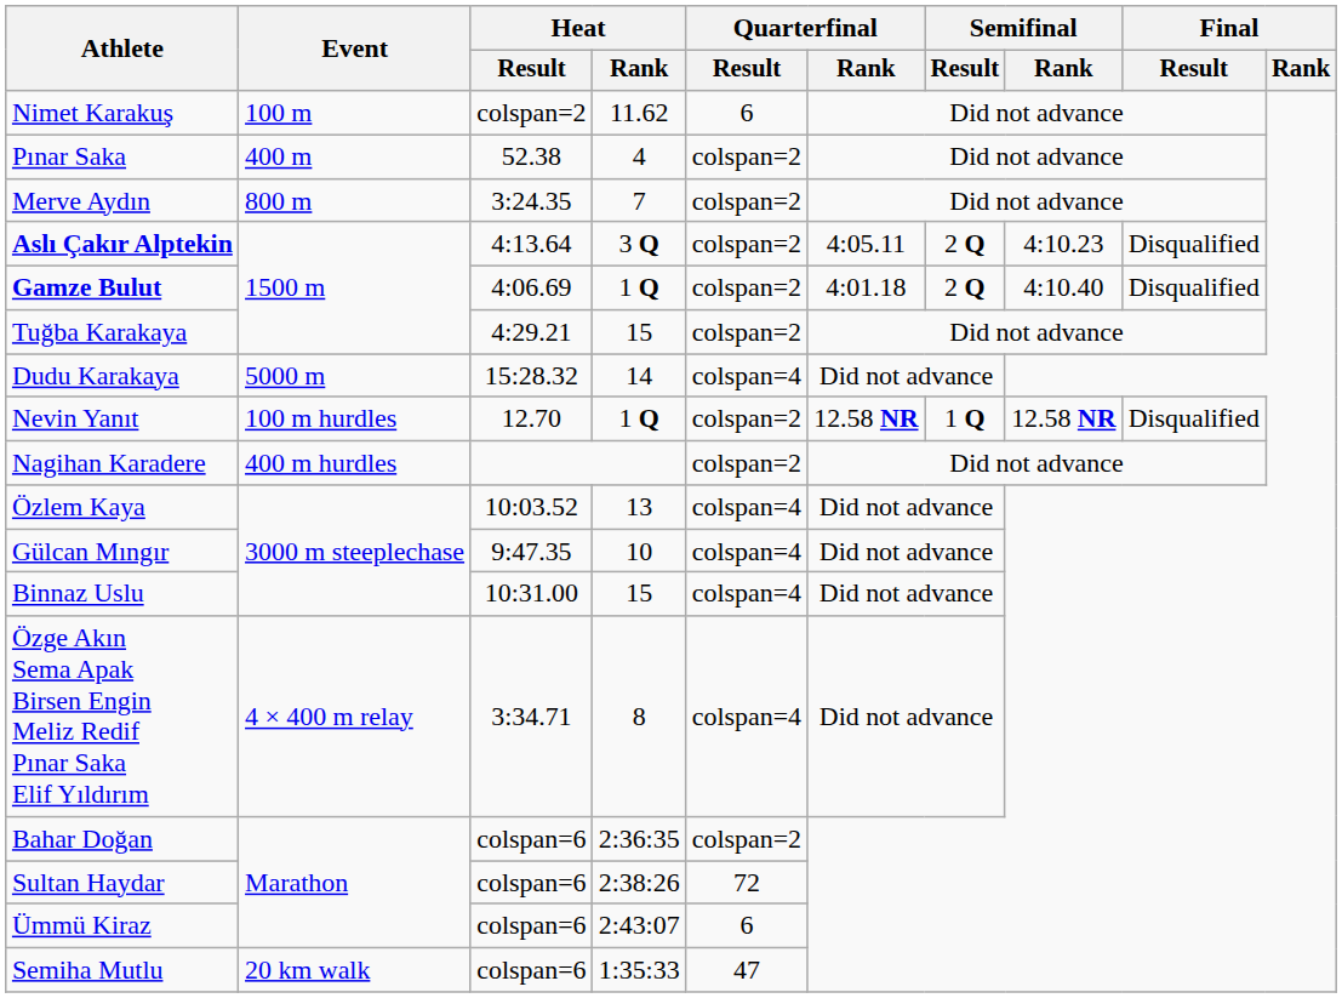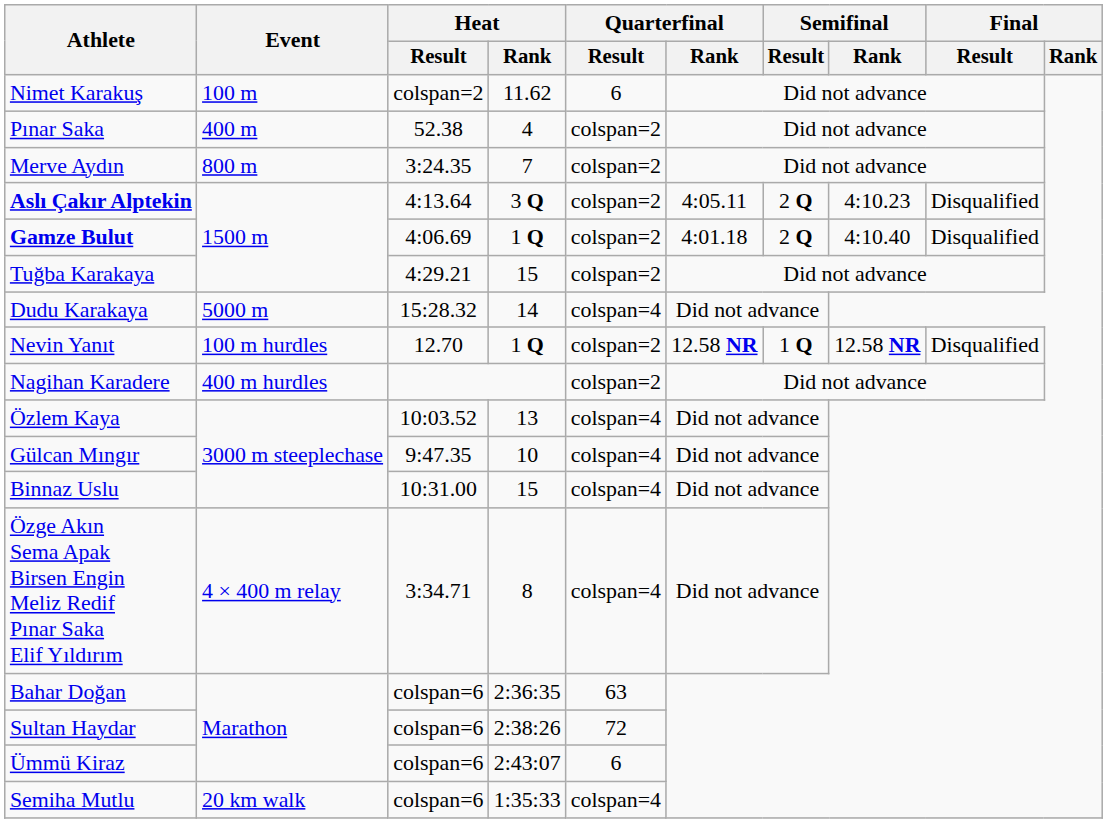 <table class="wikitable" style="font-size:90%">
 <tr>
 <th rowspan="2">Athlete</th>
 <th rowspan="2">Event</th>
 <th colspan="2">Heat</th>
 <th colspan="2">Quarterfinal</th>
 <th colspan="2">Semifinal</th>
 <th colspan="2">Final</th>
 </tr>
 <tr style="font-size:95%">
 <th>Result</th>
 <th>Rank</th>
 <th>Result</th>
 <th>Rank</th>
 <th>Result</th>
 <th>Rank</th>
 <th>Result</th>
 <th>Rank</th>
 </tr>
 <tr align=center>
 <td align=left><a href='#'>Nimet Karakuş</a></td>
 <td align=left><a href='#'>100 m</a></td>
 <td>colspan=2 </td>
 <td>11.62</td>
 <td>6</td>
 <td colspan=4>Did not advance</td>
 </tr>
 <tr align=center>
 <td align=left><a href='#'>Pınar Saka</a></td>
 <td align=left><a href='#'>400 m</a></td>
 <td>52.38</td>
 <td>4</td>
 <td>colspan=2 </td>
 <td colspan=4>Did not advance</td>
 </tr>
 <tr align=center>
 <td align=left><a href='#'>Merve Aydın</a></td>
 <td align=left><a href='#'>800 m</a></td>
 <td>3:24.35</td>
 <td>7</td>
 <td>colspan=2 </td>
 <td colspan=4>Did not advance</td>
 </tr>
 <tr align=center>
 <td align=left><strong><a href='#'>Aslı Çakır Alptekin</a></strong></td>
 <td align=left rowspan=3><a href='#'>1500 m</a></td>
 <td>4:13.64</td>
 <td>3 <strong>Q</strong></td>
 <td>colspan=2 </td>
 <td>4:05.11</td>
 <td>2 <strong>Q</strong></td>
 <td>4:10.23</td>
 <td>Disqualified</td>
 </tr>
 <tr align=center>
 <td align=left><strong><a href='#'>Gamze Bulut</a></strong></td>
 <td>4:06.69</td>
 <td>1 <strong>Q</strong></td>
 <td>colspan=2 </td>
 <td>4:01.18</td>
 <td>2 <strong>Q</strong></td>
 <td>4:10.40</td>
 <td>Disqualified</td>
 </tr>
 <tr align=center>
 <td align=left><a href='#'>Tuğba Karakaya</a></td>
 <td>4:29.21</td>
 <td>15</td>
 <td>colspan=2 </td>
 <td colspan=4>Did not advance</td>
 </tr>
 <tr align=center>
 <td align=left><a href='#'>Dudu Karakaya</a></td>
 <td align=left><a href='#'>5000 m</a></td>
 <td>15:28.32</td>
 <td>14</td>
 <td>colspan=4 </td>
 <td colspan=2>Did not advance</td>
 </tr>
 <tr align=center>
 <td align=left><a href='#'>Nevin Yanıt</a></td>
 <td align=left><a href='#'>100 m hurdles</a></td>
 <td>12.70</td>
 <td>1 <strong>Q</strong></td>
 <td>colspan=2 </td>
 <td>12.58 <strong><a href='#'>NR</a></strong></td>
 <td>1 <strong>Q</strong></td>
 <td>12.58 <strong><a href='#'>NR</a></strong></td>
 <td>Disqualified</td>
 </tr>
 <tr align=center>
 <td align=left><a href='#'>Nagihan Karadere</a></td>
 <td align=left><a href='#'>400 m hurdles</a></td>
 <td colspan=2></td>
 <td>colspan=2 </td>
 <td colspan=4>Did not advance</td>
 </tr>
 <tr align=center>
 <td align=left><a href='#'>Özlem Kaya</a></td>
 <td align=left rowspan=3><a href='#'>3000 m steeplechase</a></td>
 <td>10:03.52</td>
 <td>13</td>
 <td>colspan=4 </td>
 <td colspan=2>Did not advance</td>
 </tr>
 <tr align=center>
 <td align=left><a href='#'>Gülcan Mıngır</a></td>
 <td>9:47.35</td>
 <td>10</td>
 <td>colspan=4 </td>
 <td colspan=2>Did not advance</td>
 </tr>
 <tr align=center>
 <td align=left><a href='#'>Binnaz Uslu</a></td>
 <td>10:31.00</td>
 <td>15</td>
 <td>colspan=4 </td>
 <td colspan=2>Did not advance</td>
 </tr>
 <tr align=center>
 <td align=left><a href='#'>Özge Akın</a><br><a href='#'>Sema Apak</a><br><a href='#'>Birsen Engin</a><br><a href='#'>Meliz Redif</a><br><a href='#'>Pınar Saka</a><br><a href='#'>Elif Yıldırım</a></td>
 <td align=left><a href='#'>4 × 400 m relay</a></td>
 <td>3:34.71</td>
 <td>8</td>
 <td>colspan=4 </td>
 <td colspan=2>Did not advance</td>
 </tr>
 <tr align=center>
 <td align=left><a href='#'>Bahar Doğan</a></td>
 <td align=left rowspan=3><a href='#'>Marathon</a></td>
 <td>colspan=6 </td>
 <td>2:36:35</td>
-<td>colspan=2 </td>
+<td>63</td>
 </tr>
 <tr align=center>
 <td align=left><a href='#'>Sultan Haydar</a></td>
 <td>colspan=6 </td>
 <td>2:38:26</td>
 <td>72</td>
 </tr>
 <tr align=center>
 <td align=left><a href='#'>Ümmü Kiraz</a></td>
 <td>colspan=6 </td>
 <td>2:43:07</td>
 <td>6</td>
 </tr>
 <tr align=center>
 <td align=left><a href='#'>Semiha Mutlu</a></td>
 <td align=left><a href='#'>20 km walk</a></td>
 <td>colspan=6 </td>
 <td>1:35:33</td>
-<td>47</td>
+<td>colspan=4 </td>
 </tr>
 </table>
